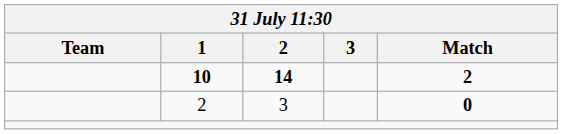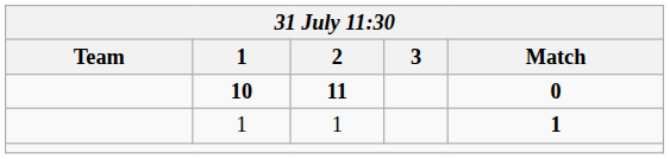 <table class=wikitable style="text-align:center; width: 55%">
 <tr>
 <th colspan=10><em>31 July 11:30</em></th>
 </tr>
 <tr>
 <th>Team</th>
 <th>1</th>
 <th>2</th>
 <th>3</th>
 <th>Match</th>
 </tr>
 <tr>
 <td align=left><strong><br></strong></td>
 <td><strong>10</strong></td>
-<td><strong>14</strong></td>
+<td><strong>11</strong></td>
 <td></td>
-<td><strong>2</strong></td>
+<td><strong>0</strong></td>
 </tr>
 <tr>
 <td align=left><br></td>
-<td>2</td>
-<td>3</td>
+<td>1</td>
+<td>1</td>
 <td></td>
-<td><strong>0</strong></td>
+<td><strong>1</strong></td>
 </tr>
 <tr>
 <td colspan=10></td>
 </tr>
 </table>
